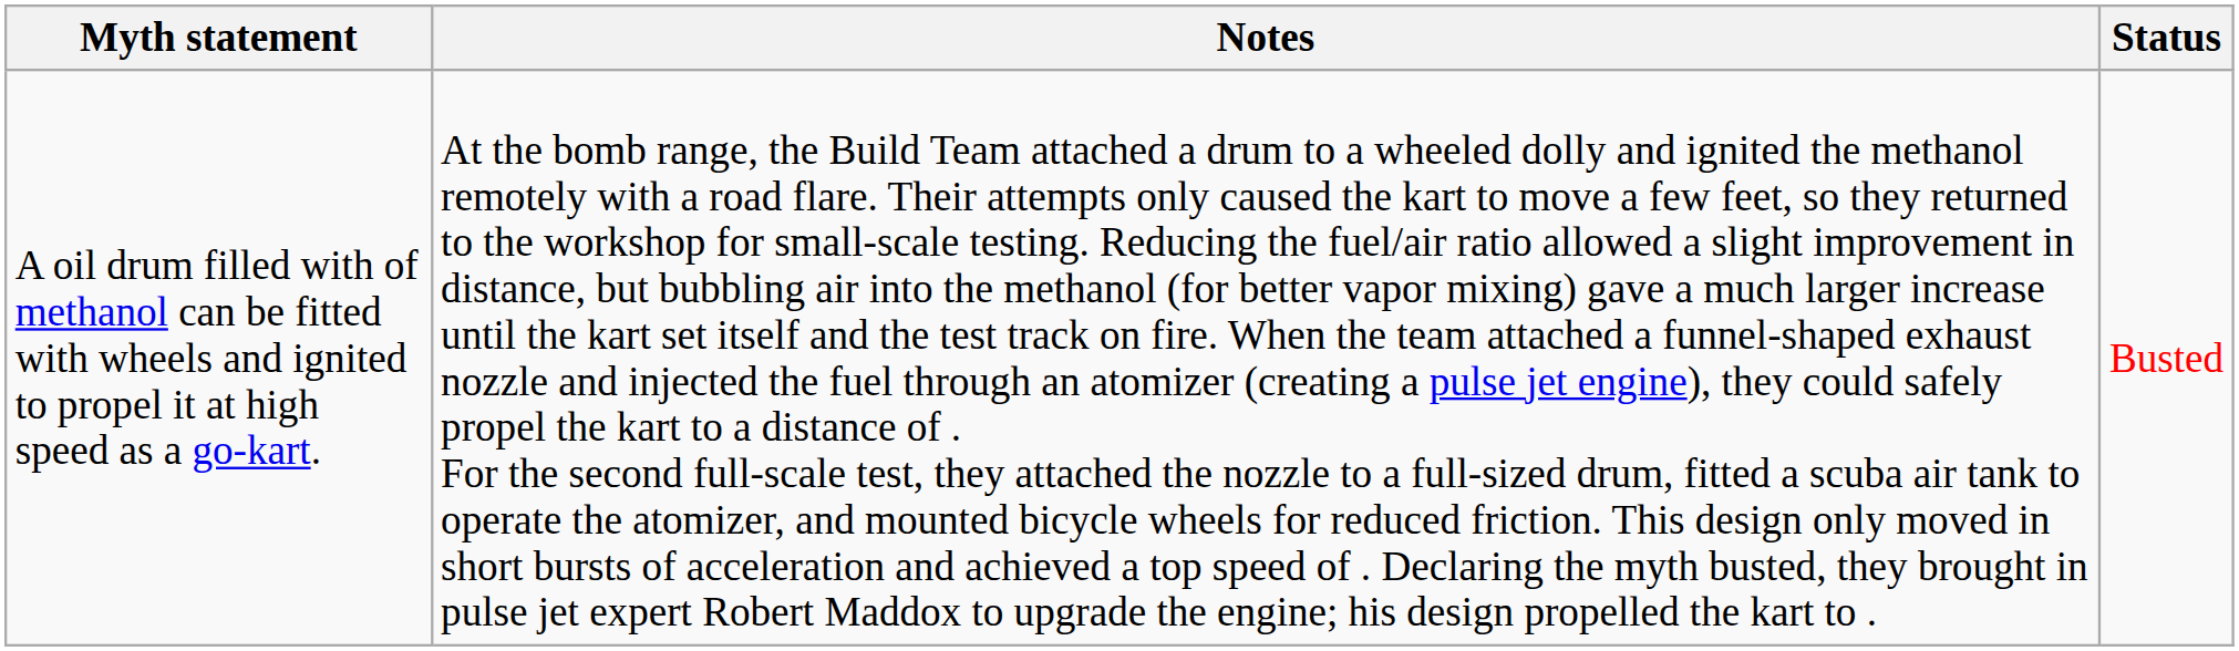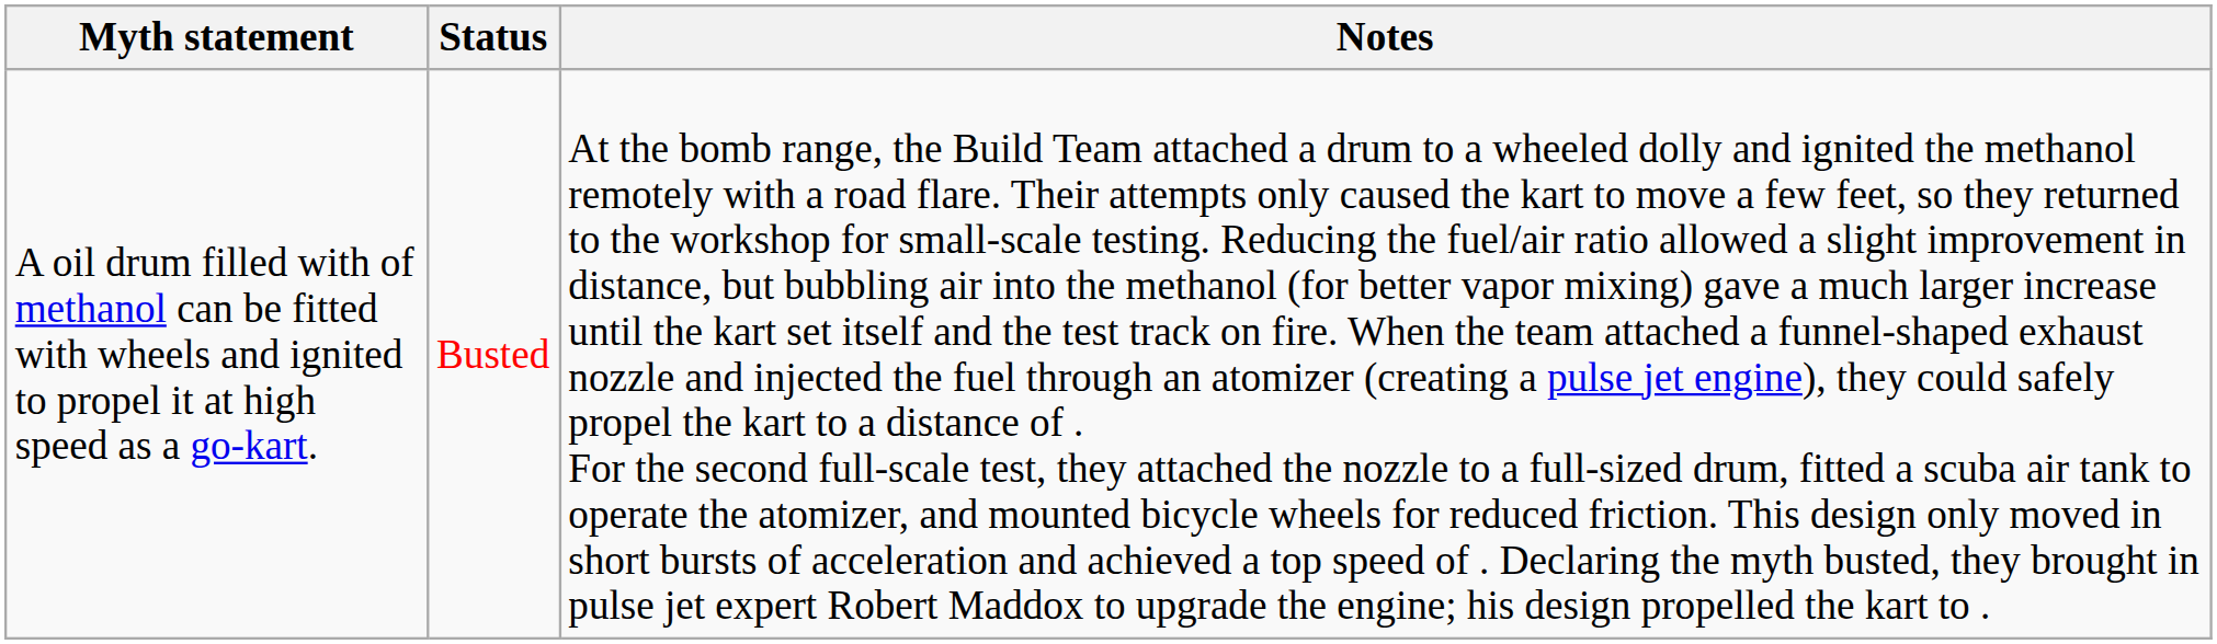 <table class="wikitable plainrowheaders">
 <tr>
 <th>Myth statement</th>
+<th>Status</th>
 <th>Notes</th>
-<th>Status</th>
 </tr>
 <tr>
 <td>A  oil drum filled with  of <a href='#'>methanol</a> can be fitted with wheels and ignited to propel it at high speed as a <a href='#'>go-kart</a>.</td>
+<td style="color:red">Busted</td>
 <td><br>At the bomb range, the Build Team attached a drum to a wheeled dolly and ignited the methanol remotely with a road flare. Their attempts only caused the kart to move a few feet, so they returned to the workshop for small-scale testing. Reducing the fuel/air ratio allowed a slight improvement in distance, but bubbling air into the methanol (for better vapor mixing) gave a much larger increase until the kart set itself and the test track on fire. When the team attached a funnel-shaped exhaust nozzle and injected the fuel through an atomizer (creating a <a href='#'>pulse jet engine</a>), they could safely propel the kart to a distance of .<br>For the second full-scale test, they attached the nozzle to a full-sized drum, fitted a scuba air tank to operate the atomizer, and mounted bicycle wheels for reduced friction. This design only moved in short bursts of acceleration and achieved a top speed of . Declaring the myth busted, they brought in pulse jet expert Robert Maddox to upgrade the engine; his design propelled the kart to .</td>
-<td style="color:red">Busted</td>
 </tr>
 </table>
